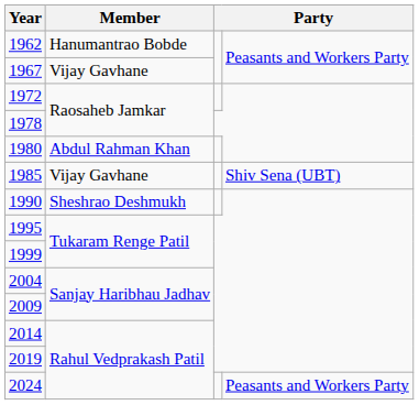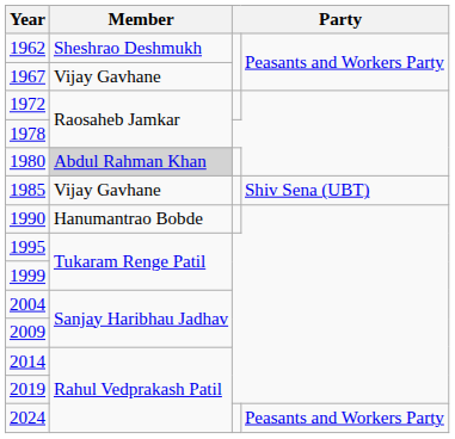 <table class="wikitable">
 <tr>
 <th>Year</th>
 <th>Member</th>
 <th colspan="2">Party</th>
 </tr>
 <tr>
 <td><a href='#'>1962</a></td>
-<td>Hanumantrao Bobde</td>
+<td><a href='#'>Sheshrao Deshmukh</a></td>
 <td rowspan="2" style="background-color: "></td>
 <td rowspan="2"><a href='#'>Peasants and Workers Party</a></td>
 </tr>
 <tr>
 <td><a href='#'>1967</a></td>
 <td>Vijay Gavhane</td>
 </tr>
 <tr>
 <td><a href='#'>1972</a></td>
 <td rowspan="2">Raosaheb Jamkar</td>
 <td></td>
 </tr>
 <tr>
 <td><a href='#'>1978</a></td>
 </tr>
 <tr>
 <td><a href='#'>1980</a></td>
-<td><a href='#'>Abdul Rahman Khan</a></td>
+<td style="background: lightgrey;"><a href='#'>Abdul Rahman Khan</a></td>
 <td></td>
 </tr>
 <tr>
 <td><a href='#'>1985</a></td>
 <td>Vijay Gavhane</td>
 <td style="background-color: "></td>
 <td><a href='#'>Shiv Sena (UBT)</a></td>
 </tr>
 <tr>
 <td><a href='#'>1990</a></td>
-<td><a href='#'>Sheshrao Deshmukh</a></td>
+<td>Hanumantrao Bobde</td>
 <td></td>
 </tr>
 <tr>
 <td><a href='#'>1995</a></td>
 <td rowspan="2"><a href='#'>Tukaram Renge Patil</a></td>
 </tr>
 <tr>
 <td><a href='#'>1999</a></td>
 </tr>
 <tr>
 <td><a href='#'>2004</a></td>
 <td rowspan="2"><a href='#'>Sanjay Haribhau Jadhav</a></td>
 </tr>
 <tr>
 <td><a href='#'>2009</a></td>
 </tr>
 <tr>
 <td><a href='#'>2014</a></td>
 <td rowspan="3"><a href='#'>Rahul Vedprakash Patil</a></td>
 </tr>
 <tr>
 <td><a href='#'>2019</a></td>
 </tr>
 <tr>
 <td><a href='#'>2024</a></td>
 <td style="background-color: "></td>
 <td><a href='#'>Peasants and Workers Party</a></td>
 </tr>
 </table>
